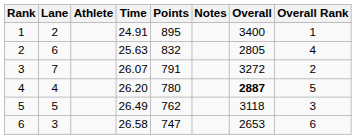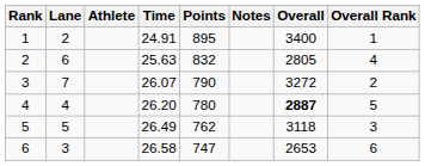 <table class="wikitable sortable" style="text-align:center">
 <tr>
 <th>Rank</th>
 <th>Lane</th>
 <th>Athlete</th>
 <th>Time</th>
 <th>Points</th>
 <th>Notes</th>
 <th>Overall</th>
 <th>Overall Rank</th>
 </tr>
 <tr>
 <td>1</td>
 <td>2</td>
 <td align=left></td>
 <td>24.91</td>
 <td>895</td>
 <td></td>
 <td>3400</td>
 <td>1</td>
 </tr>
 <tr>
 <td>2</td>
 <td>6</td>
 <td align=left></td>
 <td>25.63</td>
 <td>832</td>
 <td></td>
 <td>2805</td>
 <td>4</td>
 </tr>
 <tr>
 <td>3</td>
 <td>7</td>
 <td align=left></td>
 <td>26.07</td>
-<td>791</td>
+<td>790</td>
 <td></td>
 <td>3272</td>
 <td>2</td>
 </tr>
 <tr>
 <td>4</td>
 <td>4</td>
 <td align=left></td>
 <td>26.20</td>
 <td>780</td>
 <td></td>
 <td><strong>2887</strong></td>
 <td>5</td>
 </tr>
 <tr>
 <td>5</td>
 <td>5</td>
 <td align=left></td>
 <td>26.49</td>
 <td>762</td>
 <td></td>
 <td>3118</td>
 <td>3</td>
 </tr>
 <tr>
 <td>6</td>
 <td>3</td>
 <td align=left></td>
 <td>26.58</td>
 <td>747</td>
 <td></td>
 <td>2653</td>
 <td>6</td>
 </tr>
 </table>
